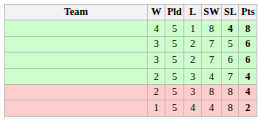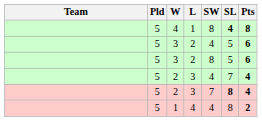 <table class=wikitable style="text-align:center">
 <tr>
 <th width=220>Team</th>
+<th width=20>Pld</th>
 <th width=20>W</th>
-<th width=20>Pld</th>
 <th width=20>L</th>
 <th width=20>SW</th>
 <th width=20>SL</th>
 <th width=20>Pts</th>
 </tr>
 <tr bgcolor=ccffcc>
 <td align=left></td>
+<td>5</td>
 <td>4</td>
-<td>5</td>
 <td>1</td>
 <td>8</td>
 <td><strong>4</strong></td>
 <td><strong>8</strong></td>
 </tr>
 <tr bgcolor=ccffcc>
 <td align=left></td>
+<td>5</td>
 <td>3</td>
-<td>5</td>
 <td>2</td>
-<td>7</td>
+<td>4</td>
 <td>5</td>
 <td><strong>6</strong></td>
 </tr>
 <tr bgcolor=ccffcc>
 <td align=left></td>
+<td>5</td>
 <td>3</td>
+<td>2</td>
+<td>8</td>
 <td>5</td>
-<td>2</td>
-<td>7</td>
-<td>6</td>
 <td><strong>6</strong></td>
 </tr>
 <tr bgcolor=ccffcc>
 <td align=left></td>
+<td>5</td>
 <td>2</td>
-<td>5</td>
 <td>3</td>
 <td>4</td>
 <td>7</td>
 <td><strong>4</strong></td>
 </tr>
 <tr bgcolor=ffcccc>
 <td align=left></td>
+<td>5</td>
 <td>2</td>
-<td>5</td>
 <td>3</td>
-<td>8</td>
-<td>8</td>
+<td>7</td>
+<td><strong>8</strong></td>
 <td><strong>4</strong></td>
 </tr>
 <tr bgcolor=ffcccc>
 <td align=left></td>
+<td>5</td>
 <td>1</td>
-<td>5</td>
 <td>4</td>
 <td>4</td>
 <td>8</td>
 <td><strong>2</strong></td>
 </tr>
 </table>
